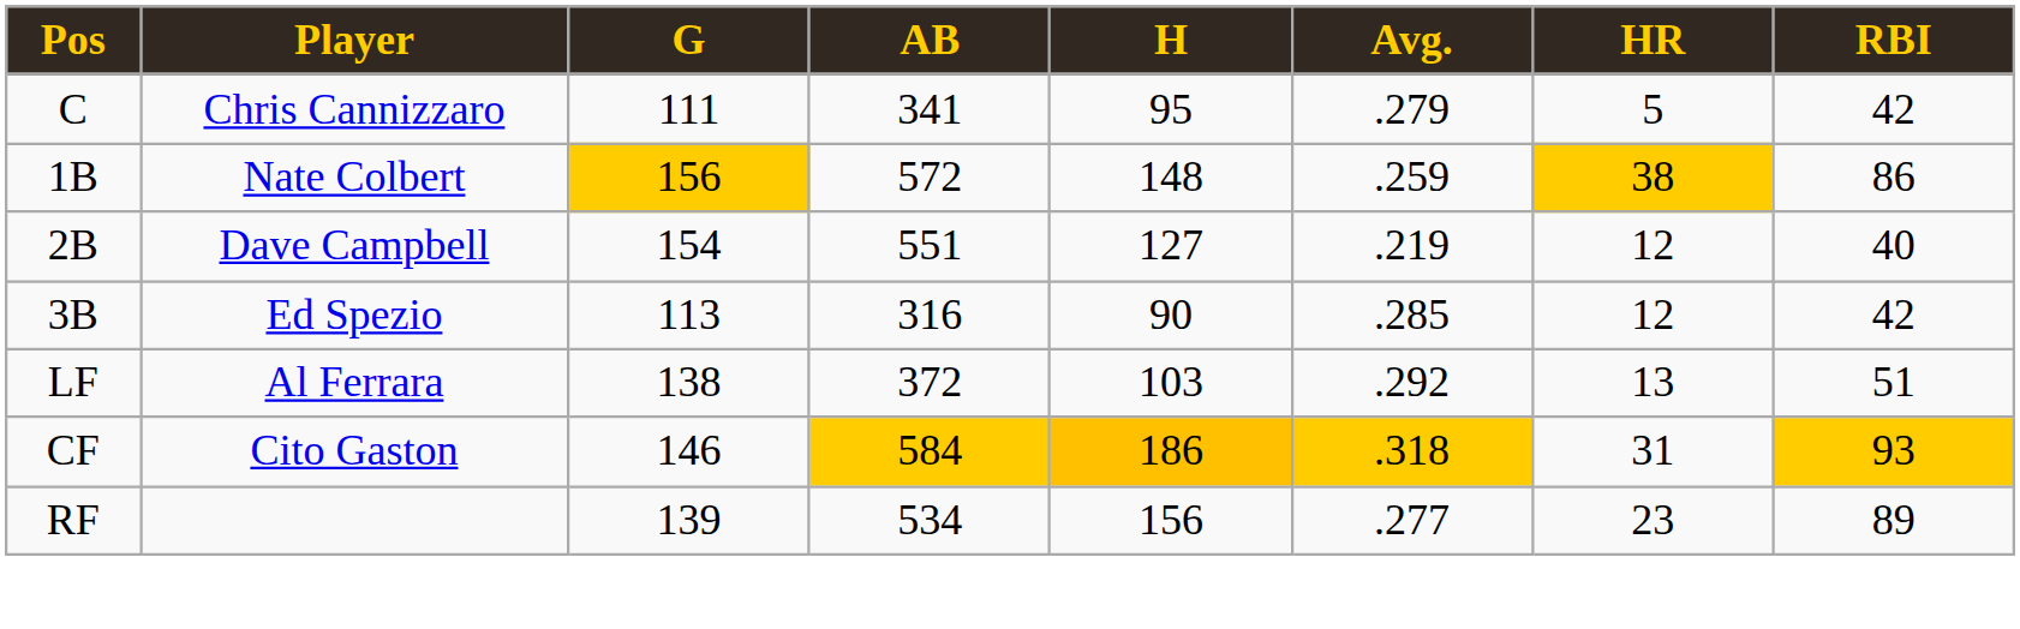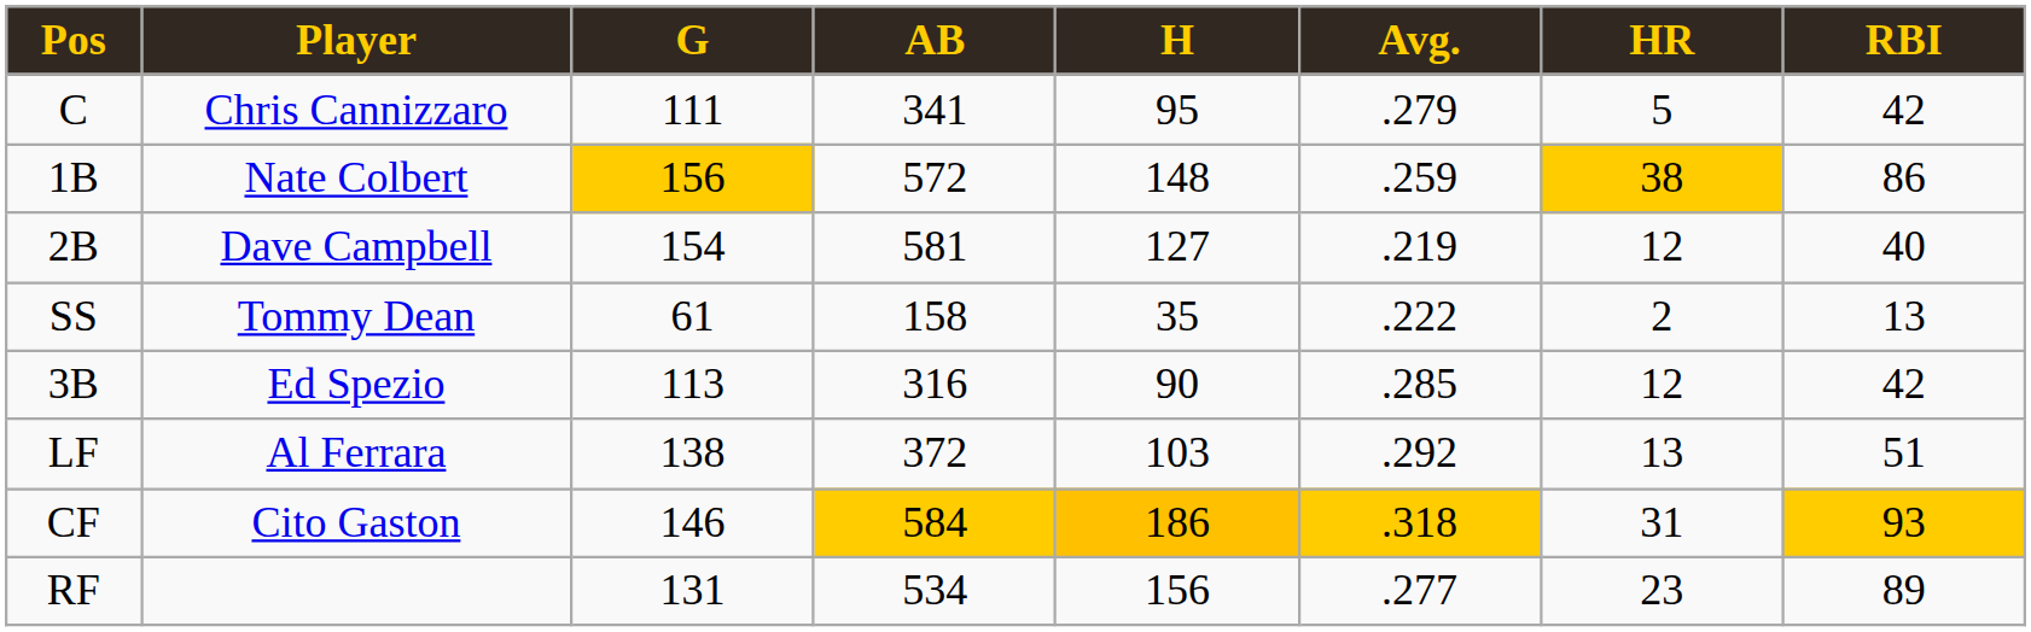 <table class="wikitable sortable">
 <tr>
 <th style="background:#312821; color:#FFCC00" width="5%">Pos</th>
 <th style="background:#312821; color:#FFCC00" width="16%">Player</th>
 <th style="background:#312821; color:#FFCC00" width="9%">G</th>
 <th style="background:#312821; color:#FFCC00" width="9%">AB</th>
 <th style="background:#312821; color:#FFCC00" width="9%">H</th>
 <th style="background:#312821; color:#FFCC00" width="9%">Avg.</th>
 <th style="background:#312821; color:#FFCC00" width="9%">HR</th>
 <th style="background:#312821; color:#FFCC00" width="9%">RBI</th>
 </tr>
 <tr align="center">
 <td>C</td>
 <td><a href='#'>Chris Cannizzaro</a></td>
 <td>111</td>
 <td>341</td>
 <td>95</td>
 <td>.279</td>
 <td>5</td>
 <td>42</td>
 </tr>
 <tr align=center>
 <td>1B</td>
 <td><a href='#'>Nate Colbert</a></td>
 <td bgcolor="#FFCC00">156</td>
 <td>572</td>
 <td>148</td>
 <td>.259</td>
 <td bgcolor="#FFCC00">38</td>
 <td>86</td>
 </tr>
 <tr align=center>
 <td>2B</td>
 <td><a href='#'>Dave Campbell</a></td>
 <td>154</td>
-<td>551</td>
+<td>581</td>
 <td>127</td>
 <td>.219</td>
 <td>12</td>
 <td>40</td>
+</tr>
+<tr align=center>
+<td>SS</td>
+<td><a href='#'>Tommy Dean</a></td>
+<td>61</td>
+<td>158</td>
+<td>35</td>
+<td>.222</td>
+<td>2</td>
+<td>13</td>
 </tr>
 <tr align=center>
 <td>3B</td>
 <td><a href='#'>Ed Spezio</a></td>
 <td>113</td>
 <td>316</td>
 <td>90</td>
 <td>.285</td>
 <td>12</td>
 <td>42</td>
 </tr>
 <tr align=center>
 <td>LF</td>
 <td><a href='#'>Al Ferrara</a></td>
 <td>138</td>
 <td>372</td>
 <td>103</td>
 <td>.292</td>
 <td>13</td>
 <td>51</td>
 </tr>
 <tr align=center>
 <td>CF</td>
 <td><a href='#'>Cito Gaston</a></td>
 <td>146</td>
 <td bgcolor="#FFCC00">584</td>
 <td bgcolor="#FFCC00'">186</td>
 <td bgcolor="#FFCC00">.318</td>
 <td>31</td>
 <td bgcolor="#FFCC00">93</td>
 </tr>
 <tr align=center>
 <td>RF</td>
 <td></td>
-<td>139</td>
+<td>131</td>
 <td>534</td>
 <td>156</td>
 <td>.277</td>
 <td>23</td>
 <td>89</td>
 </tr>
 </table>
